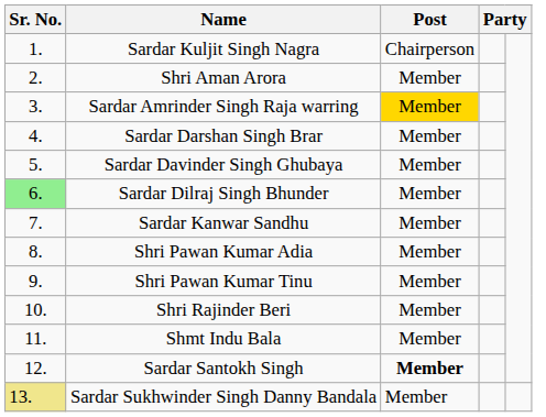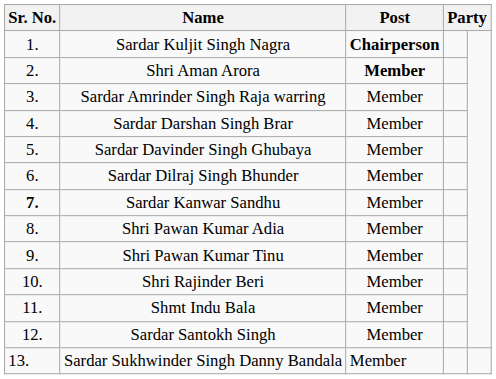 <table class="wikitable sortable">
 <tr>
 <th>Sr. No.</th>
 <th>Name</th>
 <th>Post</th>
 <th colspan="2">Party</th>
 </tr>
 <tr align="center">
 <td>1.</td>
 <td>Sardar  Kuljit Singh Nagra</td>
-<td>Chairperson</td>
+<td><strong>Chairperson</strong></td>
 <td></td>
 </tr>
 <tr align="center">
 <td>2.</td>
 <td>Shri Aman Arora</td>
-<td>Member</td>
+<td><strong>Member</strong></td>
 <td></td>
 </tr>
 <tr align="center">
 <td>3.</td>
 <td>Sardar  Amrinder Singh Raja warring</td>
-<td style="background: gold;">Member</td>
+<td>Member</td>
 <td></td>
 </tr>
 <tr align="center">
 <td>4.</td>
 <td>Sardar Darshan Singh Brar</td>
 <td>Member</td>
 <td></td>
 </tr>
 <tr align="center">
 <td>5.</td>
 <td>Sardar  Davinder Singh Ghubaya</td>
 <td>Member</td>
 <td></td>
 </tr>
 <tr align="center">
-<td style="background: lightgreen;">6.</td>
+<td>6.</td>
 <td>Sardar  Dilraj Singh Bhunder</td>
 <td>Member</td>
 <td></td>
 </tr>
 <tr align="center">
-<td>7.</td>
+<td><strong>7.</strong></td>
 <td>Sardar  Kanwar Sandhu</td>
 <td>Member</td>
 <td></td>
 </tr>
 <tr align="center">
 <td>8.</td>
 <td>Shri Pawan Kumar Adia</td>
 <td>Member</td>
 <td></td>
 </tr>
 <tr align="center">
 <td>9.</td>
 <td>Shri Pawan Kumar Tinu</td>
 <td>Member</td>
 <td></td>
 </tr>
 <tr align="center">
 <td>10.</td>
 <td>Shri Rajinder Beri</td>
 <td>Member</td>
 <td></td>
 </tr>
 <tr align="center">
 <td>11.</td>
 <td>Shmt Indu Bala</td>
 <td>Member</td>
 <td></td>
 </tr>
 <tr align="center">
 <td>12.</td>
 <td>Sardar Santokh Singh</td>
-<td><strong>Member</strong></td>
+<td>Member</td>
 <td></td>
 </tr>
 <tr>
-<td style="background: khaki;">13.</td>
+<td>13.</td>
 <td>Sardar Sukhwinder Singh Danny Bandala</td>
 <td>Member</td>
 <td></td>
 <td></td>
 </tr>
 </table>
